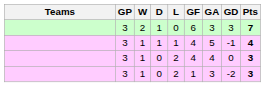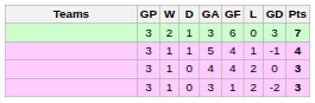 <table class=wikitable style="text-align:center">
 <tr>
 <th width=175>Teams</th>
 <th width=20>GP</th>
 <th width=20>W</th>
 <th width=20>D</th>
+<th width=20>GA</th>
+<th width=20>GF</th>
 <th width=20>L</th>
-<th width=20>GF</th>
-<th width=20>GA</th>
 <th width=20>GD</th>
 <th width=20>Pts</th>
 </tr>
 <tr style="background:#ccffcc;">
 <td style="text-align:left;"></td>
 <td>3</td>
 <td>2</td>
 <td>1</td>
+<td>3</td>
+<td>6</td>
 <td>0</td>
-<td>6</td>
-<td>3</td>
 <td>3</td>
 <td><strong>7</strong></td>
 </tr>
 <tr style="background:#ffccff;">
 <td style="text-align:left;"></td>
 <td>3</td>
 <td>1</td>
 <td>1</td>
+<td>5</td>
+<td>4</td>
 <td>1</td>
-<td>4</td>
-<td>5</td>
 <td>-1</td>
 <td><strong>4</strong></td>
 </tr>
 <tr style="background:#ffccff;">
 <td style="text-align:left;"></td>
 <td>3</td>
 <td>1</td>
 <td>0</td>
-<td>2</td>
 <td>4</td>
 <td>4</td>
+<td>2</td>
 <td>0</td>
 <td><strong>3</strong></td>
 </tr>
 <tr style="background:#ffccff;">
 <td style="text-align:left;"></td>
 <td>3</td>
 <td>1</td>
 <td>0</td>
+<td>3</td>
+<td>1</td>
 <td>2</td>
-<td>1</td>
-<td>3</td>
 <td>-2</td>
 <td><strong>3</strong></td>
 </tr>
 </table>
